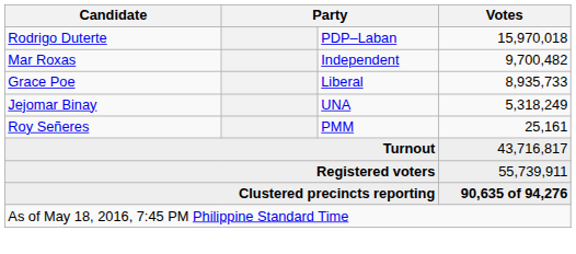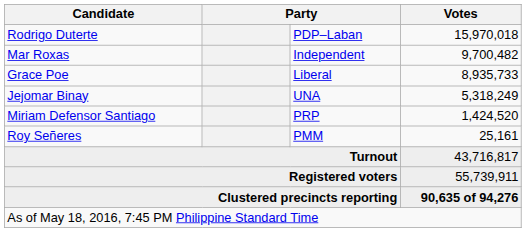 <table class="wikitable">
 <tr style="text-align:center;">
 <th style="width: 15em">Candidate</th>
 <th colspan="2" style="width: 15em">Party</th>
 <th style="width: 9em">Votes</th>
 </tr>
 <tr>
 <td><a href='#'>Rodrigo Duterte</a></td>
 <th style="background:"></th>
 <td style="width: 130px"><a href='#'>PDP–Laban</a></td>
 <td style="text-align:right;">15,970,018</td>
 </tr>
 <tr>
 <td><a href='#'>Mar Roxas</a></td>
 <th style="background:"></th>
 <td style="width: 130px"><a href='#'>Independent</a></td>
 <td style="text-align:right;">9,700,482</td>
 </tr>
 <tr>
 <td><a href='#'>Grace Poe</a></td>
 <th style="background:"></th>
 <td style="width: 130px"><a href='#'>Liberal</a></td>
 <td style="text-align:right;">8,935,733</td>
 </tr>
 <tr>
 <td><a href='#'>Jejomar Binay</a></td>
 <th style="background:"></th>
 <td style="width: 130px"><a href='#'>UNA</a></td>
 <td style="text-align:right;">5,318,249</td>
 </tr>
 <tr>
+<td><a href='#'>Miriam Defensor Santiago</a></td>
+<th style="background:"></th>
+<td style="width: 130px"><a href='#'>PRP</a></td>
+<td style="text-align:right;">1,424,520</td>
+</tr>
+<tr>
 <td><a href='#'>Roy Señeres</a></td>
 <th style="background:"></th>
 <td style="width: 130px"><a href='#'>PMM</a></td>
 <td style="text-align:right;">25,161</td>
 </tr>
 <tr style="background:#eee; text-align:right;">
 <td colspan="3"><strong>Turnout</strong></td>
 <td>43,716,817</td>
 </tr>
 <tr style="background:#eee; text-align:right;">
 <td colspan="3"><strong>Registered voters</strong></td>
 <td>55,739,911</td>
 </tr>
 <tr style="background:#eee; text-align:right;">
 <td colspan="3"><strong>Clustered precincts reporting</strong></td>
 <td><strong>90,635 of 94,276</strong></td>
 </tr>
 <tr>
 <td colspan=4>As of May 18, 2016, 7:45 PM <a href='#'>Philippine Standard Time</a></td>
 </tr>
 </table>
